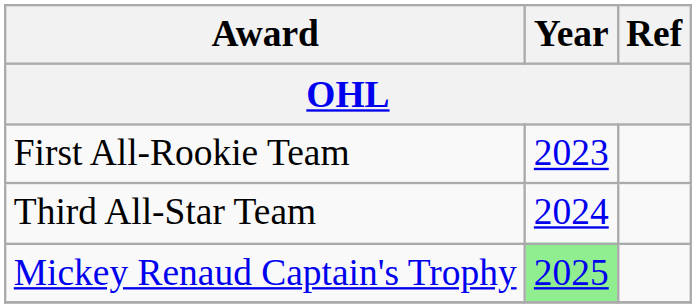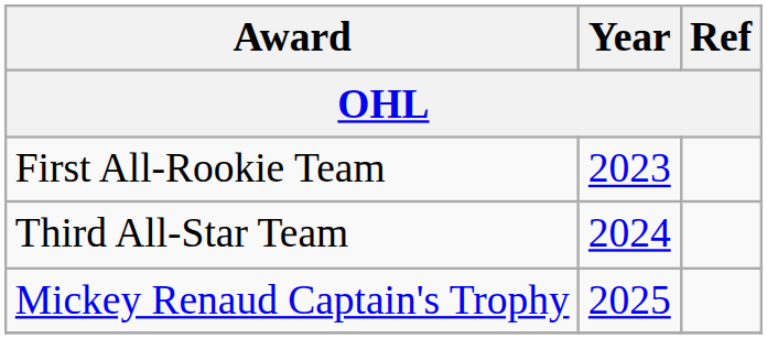 <table class="wikitable">
 <tr>
 <th>Award</th>
 <th>Year</th>
 <th>Ref</th>
 </tr>
 <tr>
 <th colspan="3"><a href='#'>OHL</a></th>
 </tr>
 <tr>
 <td>First All-Rookie Team</td>
 <td><a href='#'>2023</a></td>
 <td></td>
 </tr>
 <tr>
 <td>Third All-Star Team</td>
 <td><a href='#'>2024</a></td>
 <td></td>
 </tr>
 <tr>
 <td><a href='#'>Mickey Renaud Captain's Trophy</a></td>
-<td style="background: lightgreen;"><a href='#'>2025</a></td>
+<td><a href='#'>2025</a></td>
 <td></td>
 </tr>
 <tr>
 </tr>
 </table>
